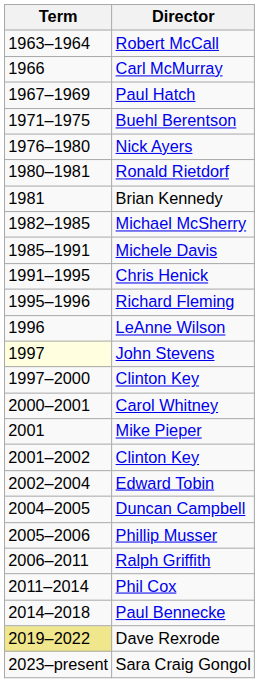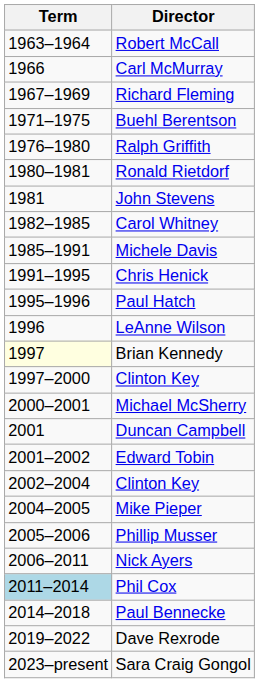 <table class="wikitable sortable">
 <tr>
 <th>Term</th>
 <th>Director</th>
 </tr>
 <tr>
 <td>1963–1964</td>
 <td><a href='#'>Robert McCall</a></td>
 </tr>
 <tr>
 <td>1966</td>
 <td><a href='#'>Carl McMurray</a></td>
 </tr>
 <tr>
 <td>1967–1969</td>
-<td><a href='#'>Paul Hatch</a></td>
+<td><a href='#'>Richard Fleming</a></td>
 </tr>
 <tr>
 <td>1971–1975</td>
 <td><a href='#'>Buehl Berentson</a></td>
 </tr>
 <tr>
 <td>1976–1980</td>
-<td><a href='#'>Nick Ayers</a></td>
+<td><a href='#'>Ralph Griffith</a></td>
 </tr>
 <tr>
 <td>1980–1981</td>
 <td><a href='#'>Ronald Rietdorf</a></td>
 </tr>
 <tr>
 <td>1981</td>
-<td>Brian Kennedy</td>
+<td><a href='#'>John Stevens</a></td>
 </tr>
 <tr>
 <td>1982–1985</td>
-<td><a href='#'>Michael McSherry</a></td>
+<td><a href='#'>Carol Whitney</a></td>
 </tr>
 <tr>
 <td>1985–1991</td>
 <td><a href='#'>Michele Davis</a></td>
 </tr>
 <tr>
 <td>1991–1995</td>
 <td><a href='#'>Chris Henick</a></td>
 </tr>
 <tr>
 <td>1995–1996</td>
-<td><a href='#'>Richard Fleming</a></td>
+<td><a href='#'>Paul Hatch</a></td>
 </tr>
 <tr>
 <td>1996</td>
 <td><a href='#'>LeAnne Wilson</a></td>
 </tr>
 <tr>
 <td style="background: lightyellow;">1997</td>
-<td><a href='#'>John Stevens</a></td>
+<td>Brian Kennedy</td>
 </tr>
 <tr>
 <td>1997–2000</td>
 <td><a href='#'>Clinton Key</a></td>
 </tr>
 <tr>
 <td>2000–2001</td>
-<td><a href='#'>Carol Whitney</a></td>
+<td><a href='#'>Michael McSherry</a></td>
 </tr>
 <tr>
 <td>2001</td>
-<td><a href='#'>Mike Pieper</a></td>
+<td><a href='#'>Duncan Campbell</a></td>
 </tr>
 <tr>
 <td>2001–2002</td>
+<td><a href='#'>Edward Tobin</a></td>
+</tr>
+<tr>
+<td>2002–2004</td>
 <td><a href='#'>Clinton Key</a></td>
 </tr>
 <tr>
-<td>2002–2004</td>
-<td><a href='#'>Edward Tobin</a></td>
-</tr>
-<tr>
 <td>2004–2005</td>
-<td><a href='#'>Duncan Campbell</a></td>
+<td><a href='#'>Mike Pieper</a></td>
 </tr>
 <tr>
 <td>2005–2006</td>
 <td><a href='#'>Phillip Musser</a></td>
 </tr>
 <tr>
 <td>2006–2011</td>
-<td><a href='#'>Ralph Griffith</a></td>
+<td><a href='#'>Nick Ayers</a></td>
 </tr>
 <tr>
-<td>2011–2014</td>
+<td style="background: lightblue;">2011–2014</td>
 <td><a href='#'>Phil Cox</a></td>
 </tr>
 <tr>
 <td>2014–2018</td>
 <td><a href='#'>Paul Bennecke</a></td>
 </tr>
 <tr>
-<td style="background: khaki;">2019–2022</td>
+<td>2019–2022</td>
 <td>Dave Rexrode</td>
 </tr>
 <tr>
 <td>2023–present</td>
 <td>Sara Craig Gongol</td>
 </tr>
 </table>
